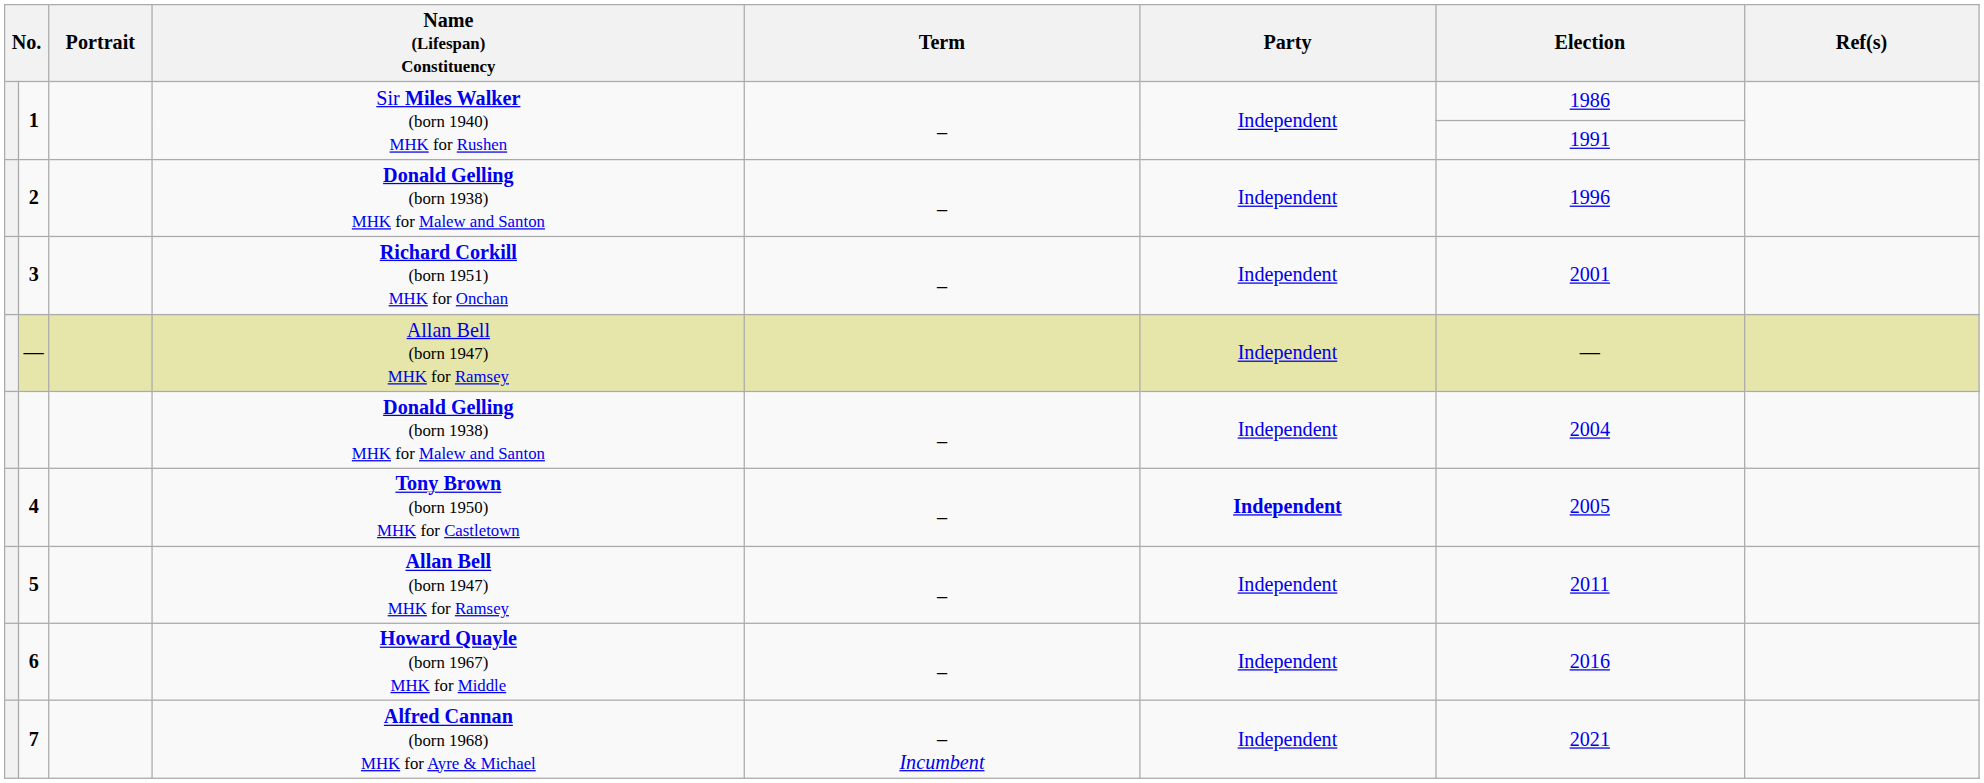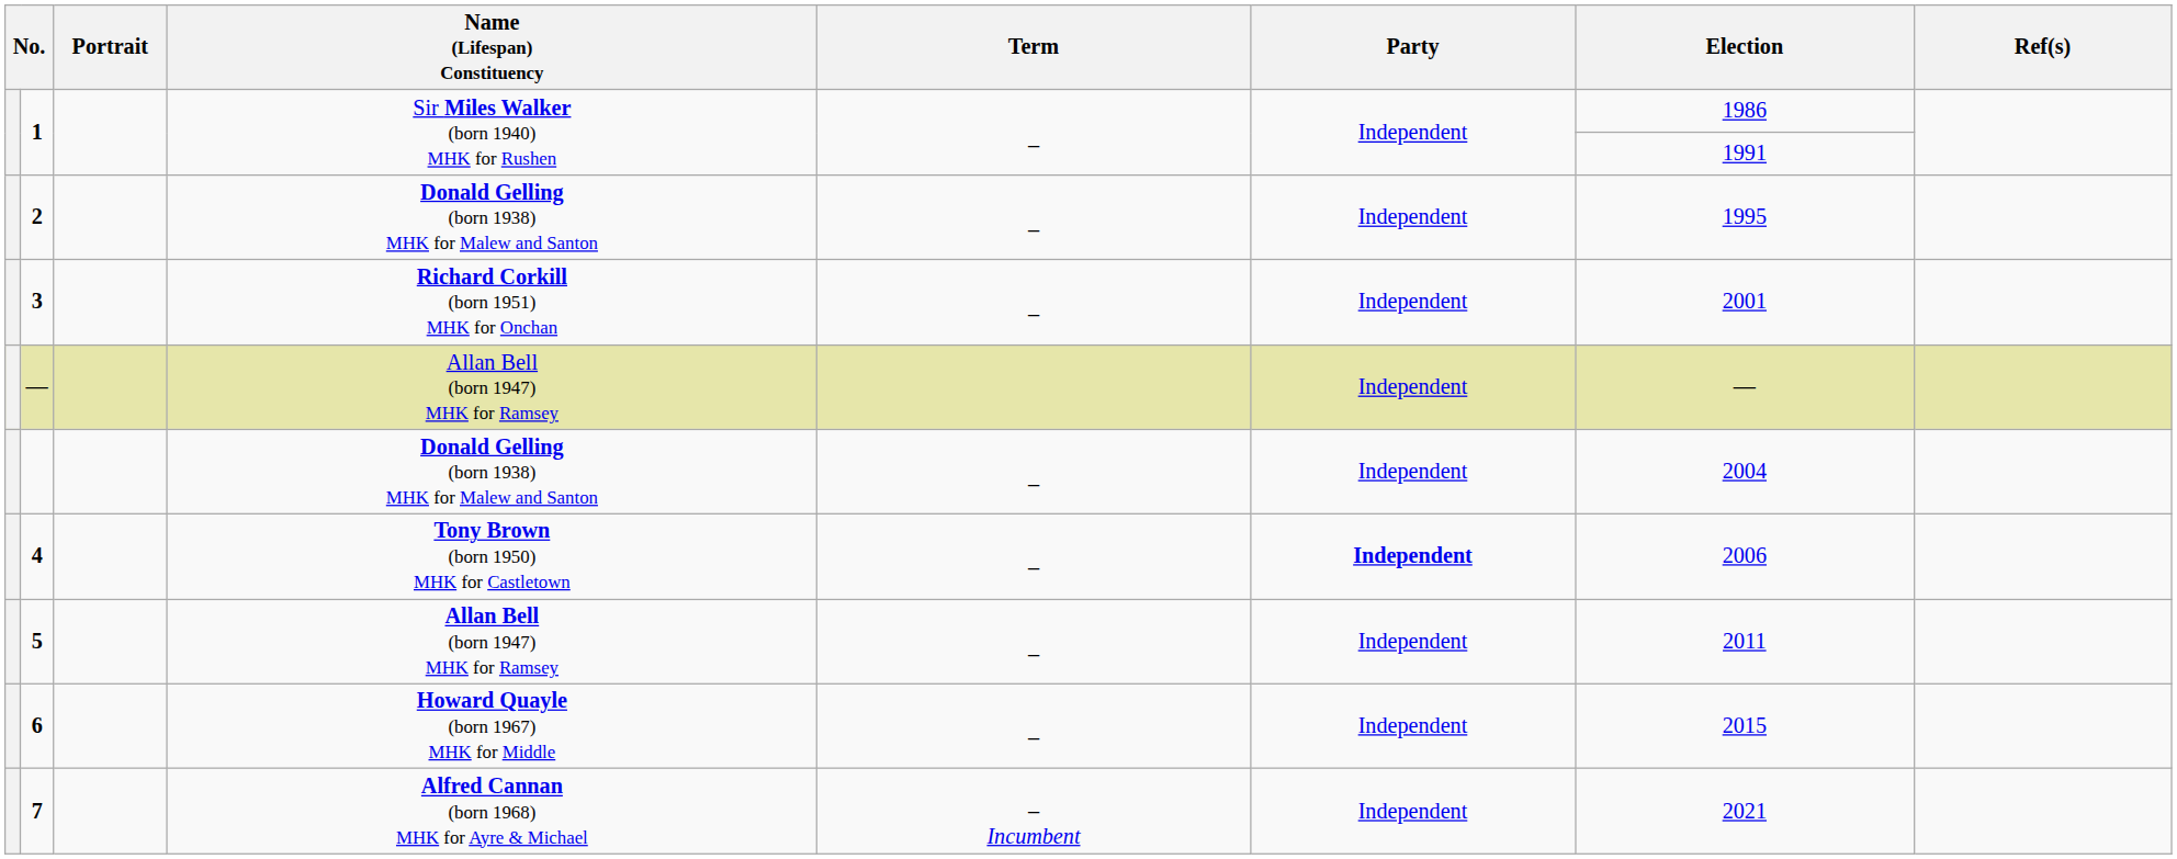 <table class="wikitable" style="text-align:center;">
 <tr>
 <th colspan="2" width="2%">No.</th>
 <th width="75">Portrait</th>
 <th width="30%">Name<br><small>(Lifespan)<br>Constituency</small></th>
 <th width="20%">Term</th>
 <th width="15%">Party</th>
 <th>Election</th>
 <th>Ref(s)</th>
 </tr>
 <tr>
 <th rowspan="2" style="background-color:"> </th>
 <td rowspan="2"><strong>1</strong></td>
 <td rowspan="2"></td>
 <td rowspan="2"><a href='#'>Sir <strong>Miles Walker</strong></a><br><small>(born 1940)<br><a href='#'>MHK</a> for <a href='#'>Rushen</a></small></td>
 <td rowspan="2"><br>–<br></td>
 <td rowspan="2"><a href='#'>Independent</a></td>
 <td><a href='#'>1986</a></td>
 <td rowspan="2"> </td>
 </tr>
 <tr>
 <td><a href='#'>1991</a></td>
 </tr>
 <tr>
 <th style="background-color:"> </th>
 <td><strong>2</strong></td>
 <td></td>
 <td><strong><a href='#'>Donald Gelling</a></strong><br><small>(born 1938)<br><a href='#'>MHK</a> for <a href='#'>Malew and Santon</a></small></td>
 <td><br>–<br></td>
 <td><a href='#'>Independent</a></td>
-<td><a href='#'>1996</a></td>
+<td><a href='#'>1995</a></td>
 <td> </td>
 </tr>
 <tr>
 <th style="background-color:"> </th>
 <td><strong>3</strong></td>
 <td></td>
 <td><strong><a href='#'>Richard Corkill</a></strong><br><small>(born 1951)<br><a href='#'>MHK</a> for <a href='#'>Onchan</a></small></td>
 <td><br>–<br></td>
 <td><a href='#'>Independent</a></td>
 <td><a href='#'>2001</a></td>
 <td> </td>
 </tr>
 <tr style="background:#e6e6aa;">
 <th style="background-color:"> </th>
 <td>—</td>
 <td></td>
 <td><a href='#'>Allan Bell</a><br><small>(born 1947)<br><a href='#'>MHK</a> for <a href='#'>Ramsey</a></small></td>
 <td></td>
 <td><a href='#'>Independent</a></td>
 <td>—</td>
 <td> </td>
 </tr>
 <tr>
 <th style="background-color:"> </th>
 <td><strong></strong></td>
 <td></td>
 <td><strong><a href='#'>Donald Gelling</a></strong><br><small>(born 1938)<br><a href='#'>MHK</a> for <a href='#'>Malew and Santon</a></small></td>
 <td><br>–<br></td>
 <td><a href='#'>Independent</a></td>
 <td><a href='#'>2004</a></td>
 <td> </td>
 </tr>
 <tr>
 <th style="background-color:"> </th>
 <td><strong>4</strong></td>
 <td></td>
 <td><strong><a href='#'>Tony Brown</a></strong><br><small>(born 1950)<br><a href='#'>MHK</a> for <a href='#'>Castletown</a></small></td>
 <td><br>–<br></td>
 <td><strong><a href='#'>Independent</a></strong></td>
-<td><a href='#'>2005</a></td>
+<td><a href='#'>2006</a></td>
 <td> </td>
 </tr>
 <tr>
 <th style="background-color:"> </th>
 <td><strong>5</strong></td>
 <td></td>
 <td><strong><a href='#'>Allan Bell</a></strong><br><small>(born 1947)<br><a href='#'>MHK</a> for <a href='#'>Ramsey</a></small></td>
 <td><br>–<br></td>
 <td><a href='#'>Independent</a></td>
 <td><a href='#'>2011</a></td>
 <td> </td>
 </tr>
 <tr>
 <th style="background-color:"> </th>
 <td><strong>6</strong></td>
 <td></td>
 <td><strong><a href='#'>Howard Quayle</a></strong><br><small>(born 1967)<br><a href='#'>MHK</a> for <a href='#'>Middle</a></small></td>
 <td><br>–<br></td>
 <td><a href='#'>Independent</a></td>
-<td><a href='#'>2016</a></td>
+<td><a href='#'>2015</a></td>
 <td></td>
 </tr>
 <tr>
 <th style="background-color:"> </th>
 <td><strong>7</strong></td>
 <td></td>
 <td><strong><a href='#'>Alfred Cannan</a></strong><br><small>(born 1968)<br><a href='#'>MHK</a> for <a href='#'>Ayre & Michael</a></small></td>
 <td><br>–<br><em><a href='#'>Incumbent</a></em></td>
 <td><a href='#'>Independent</a></td>
 <td><a href='#'>2021</a></td>
 <td></td>
 </tr>
 </table>
